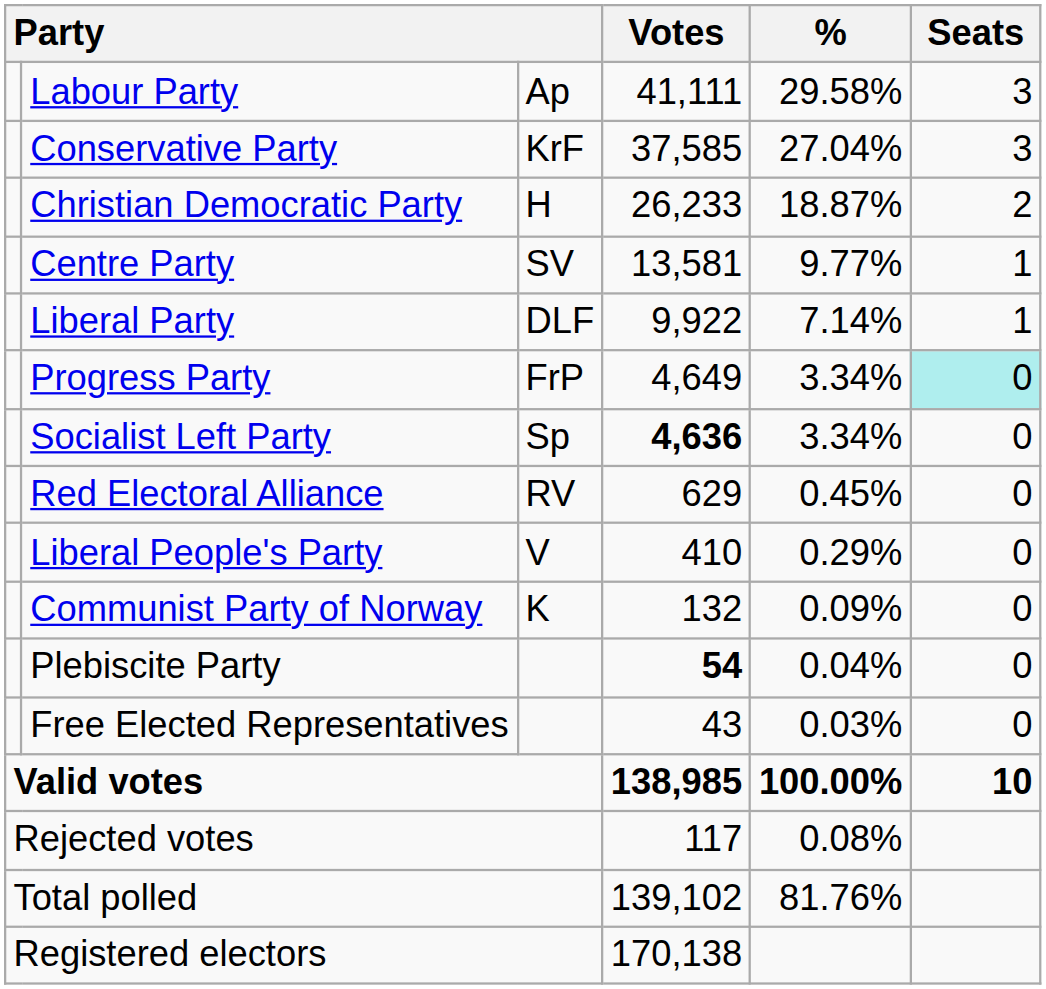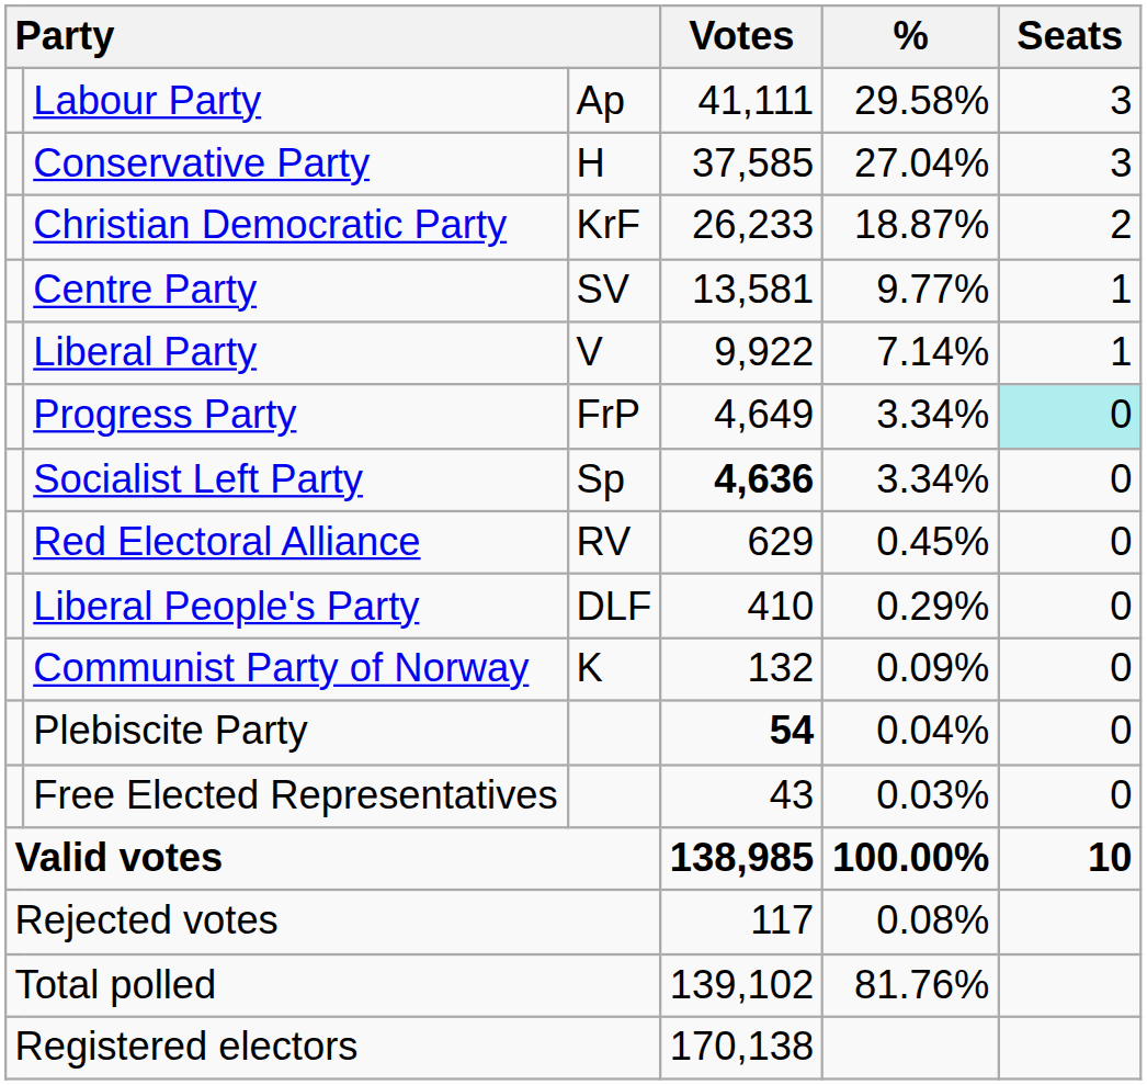 <table class="wikitable" border="1" style="text-align:right;">
 <tr>
 <th style="text-align:left;" colspan=3>Party</th>
 <th align=center width="50">Votes</th>
 <th align=center width="50">%</th>
 <th align=center width="50">Seats</th>
 </tr>
 <tr>
 <td style="color:inherit;background:"></td>
 <td align=left><a href='#'>Labour Party</a></td>
 <td align=left>Ap</td>
 <td>41,111</td>
 <td>29.58%</td>
 <td>3</td>
 </tr>
 <tr>
 <td style="color:inherit;background:"></td>
 <td align=left><a href='#'>Conservative Party</a></td>
-<td align=left>KrF</td>
+<td align=left>H</td>
 <td>37,585</td>
 <td>27.04%</td>
 <td>3</td>
 </tr>
 <tr>
 <td style="color:inherit;background:"></td>
 <td align=left><a href='#'>Christian Democratic Party</a></td>
-<td align=left>H</td>
+<td align=left>KrF</td>
 <td>26,233</td>
 <td>18.87%</td>
 <td>2</td>
 </tr>
 <tr>
 <td style="color:inherit;background:"></td>
 <td align=left><a href='#'>Centre Party</a></td>
 <td align=left>SV</td>
 <td>13,581</td>
 <td>9.77%</td>
 <td>1</td>
 </tr>
 <tr>
 <td style="color:inherit;background:"></td>
 <td align=left><a href='#'>Liberal Party</a></td>
-<td align=left>DLF</td>
+<td align=left>V</td>
 <td>9,922</td>
 <td>7.14%</td>
 <td>1</td>
 </tr>
 <tr>
 <td style="color:inherit;background:"></td>
 <td align=left><a href='#'>Progress Party</a></td>
 <td align=left>FrP</td>
 <td>4,649</td>
 <td>3.34%</td>
 <td style="background: paleturquoise;">0</td>
 </tr>
 <tr>
 <td style="color:inherit;background:"></td>
 <td align=left><a href='#'>Socialist Left Party</a></td>
 <td align=left>Sp</td>
 <td><strong>4,636</strong></td>
 <td>3.34%</td>
 <td>0</td>
 </tr>
 <tr>
 <td style="color:inherit;background:"></td>
 <td align=left><a href='#'>Red Electoral Alliance</a></td>
 <td align=left>RV</td>
 <td>629</td>
 <td>0.45%</td>
 <td>0</td>
 </tr>
 <tr>
 <td style="color:inherit;background:"></td>
 <td align=left><a href='#'>Liberal People's Party</a></td>
-<td align=left>V</td>
+<td align=left>DLF</td>
 <td>410</td>
 <td>0.29%</td>
 <td>0</td>
 </tr>
 <tr>
 <td style="color:inherit;background:"></td>
 <td align=left><a href='#'>Communist Party of Norway</a></td>
 <td align=left>K</td>
 <td>132</td>
 <td>0.09%</td>
 <td>0</td>
 </tr>
 <tr>
 <td></td>
 <td align=left>Plebiscite Party</td>
 <td align=left></td>
 <td><strong>54</strong></td>
 <td>0.04%</td>
 <td>0</td>
 </tr>
 <tr>
 <td></td>
 <td align=left>Free Elected Representatives</td>
 <td align=left></td>
 <td>43</td>
 <td>0.03%</td>
 <td>0</td>
 </tr>
 <tr style="font-weight:bold">
 <td align=left colspan=3>Valid votes</td>
 <td>138,985</td>
 <td>100.00%</td>
 <td>10</td>
 </tr>
 <tr>
 <td align=left colspan=3>Rejected votes</td>
 <td>117</td>
 <td>0.08%</td>
 <td></td>
 </tr>
 <tr>
 <td align=left colspan=3>Total polled</td>
 <td>139,102</td>
 <td>81.76%</td>
 <td></td>
 </tr>
 <tr>
 <td align=left colspan=3>Registered electors</td>
 <td>170,138</td>
 <td></td>
 <td></td>
 </tr>
 </table>
